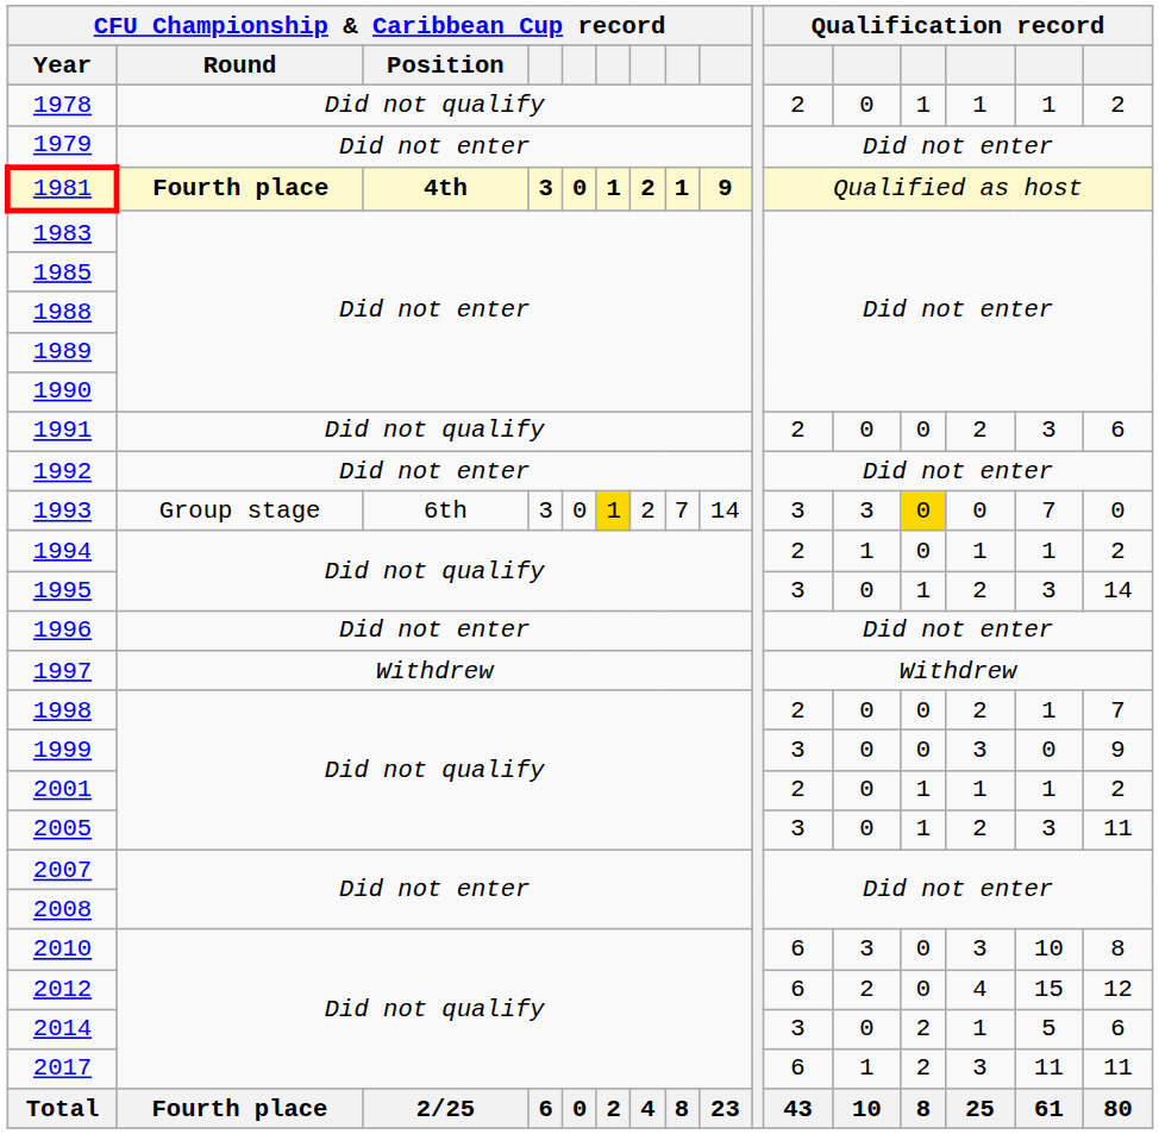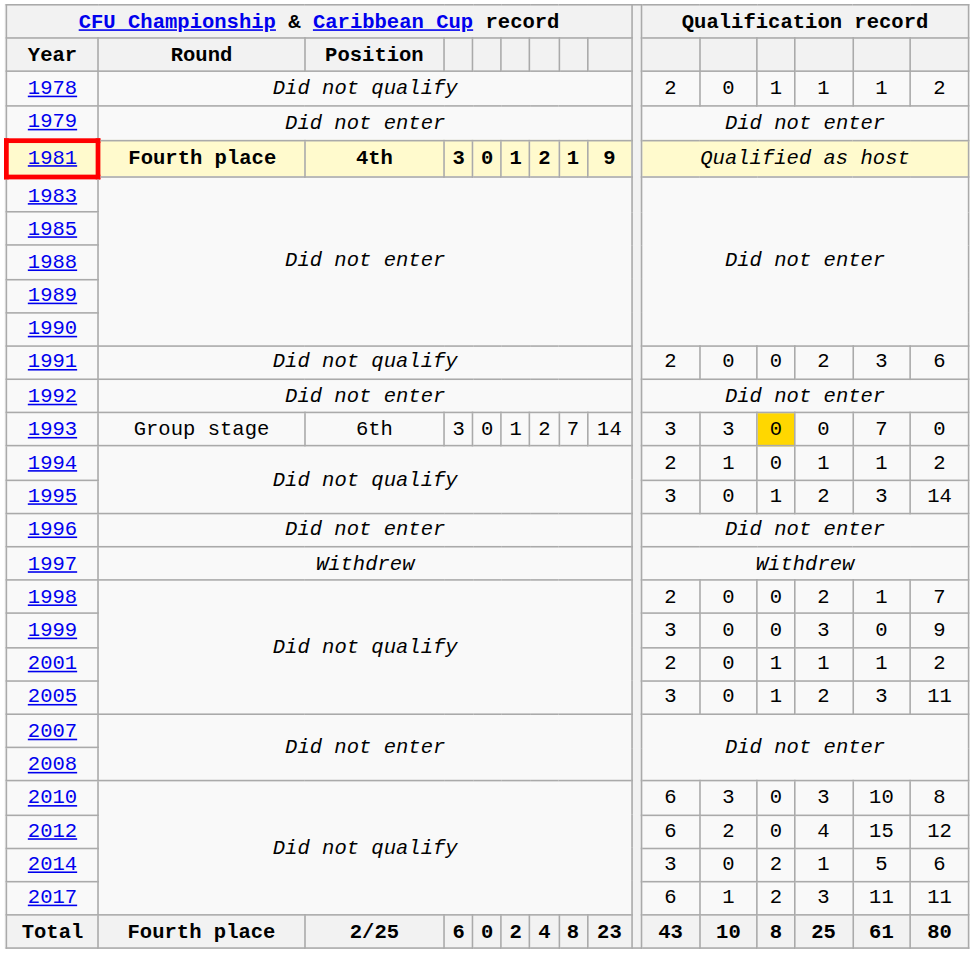 <table class="wikitable" style="text-align: center;">
 <tr>
 <th colspan=9><a href='#'>CFU Championship</a> & <a href='#'>Caribbean Cup</a> record</th>
 <th width=1% rowspan=28></th>
 <th colspan=6>Qualification record</th>
 </tr>
 <tr>
 <th>Year</th>
 <th>Round</th>
 <th>Position</th>
 <th></th>
 <th></th>
 <th></th>
 <th></th>
 <th></th>
 <th></th>
 <th></th>
 <th></th>
 <th></th>
 <th></th>
 <th></th>
 <th></th>
 </tr>
 <tr>
 <td> <a href='#'>1978</a></td>
 <td colspan=8><em>Did not qualify</em></td>
 <td>2</td>
 <td>0</td>
 <td>1</td>
 <td>1</td>
 <td>1</td>
 <td>2</td>
 </tr>
 <tr>
 <td> <a href='#'>1979</a></td>
 <td colspan=8><em>Did not enter</em></td>
 <td colspan=6><em>Did not enter</em></td>
 </tr>
 <tr bgcolor=LemonChiffon>
 <td style="border: 3px solid red"> <a href='#'>1981</a></td>
 <td><strong>Fourth place</strong></td>
 <td><strong>4th</strong></td>
 <td><strong>3</strong></td>
 <td><strong>0</strong></td>
 <td><strong>1</strong></td>
 <td><strong>2</strong></td>
 <td><strong>1</strong></td>
 <td><strong>9</strong></td>
 <td colspan=6><em>Qualified as host</em></td>
 </tr>
 <tr>
 <td> <a href='#'>1983</a></td>
 <td colspan=8 rowspan=5><em>Did not enter</em></td>
 <td colspan=6 rowspan=5><em>Did not enter</em></td>
 </tr>
 <tr>
 <td> <a href='#'>1985</a></td>
 </tr>
 <tr>
 <td> <a href='#'>1988</a></td>
 </tr>
 <tr>
 <td> <a href='#'>1989</a></td>
 </tr>
 <tr>
 <td> <a href='#'>1990</a></td>
 </tr>
 <tr>
 <td> <a href='#'>1991</a></td>
 <td colspan=8><em>Did not qualify</em></td>
 <td>2</td>
 <td>0</td>
 <td>0</td>
 <td>2</td>
 <td>3</td>
 <td>6</td>
 </tr>
 <tr>
 <td> <a href='#'>1992</a></td>
 <td colspan=8><em>Did not enter</em></td>
 <td colspan=6><em>Did not enter</em></td>
 </tr>
 <tr>
 <td> <a href='#'>1993</a></td>
 <td>Group stage</td>
 <td>6th</td>
 <td>3</td>
 <td>0</td>
-<td style="background: gold;">1</td>
+<td>1</td>
 <td>2</td>
 <td>7</td>
 <td>14</td>
 <td>3</td>
 <td>3</td>
 <td style="background: gold;">0</td>
 <td>0</td>
 <td>7</td>
 <td>0</td>
 </tr>
 <tr>
 <td> <a href='#'>1994</a></td>
 <td colspan=8 rowspan=2><em>Did not qualify</em></td>
 <td>2</td>
 <td>1</td>
 <td>0</td>
 <td>1</td>
 <td>1</td>
 <td>2</td>
 </tr>
 <tr>
 <td>  <a href='#'>1995</a></td>
 <td>3</td>
 <td>0</td>
 <td>1</td>
 <td>2</td>
 <td>3</td>
 <td>14</td>
 </tr>
 <tr>
 <td> <a href='#'>1996</a></td>
 <td colspan=8><em>Did not enter</em></td>
 <td colspan=6><em>Did not enter</em></td>
 </tr>
 <tr>
 <td>  <a href='#'>1997</a></td>
 <td colspan=8><em>Withdrew</em></td>
 <td colspan=6><em>Withdrew</em></td>
 </tr>
 <tr>
 <td>  <a href='#'>1998</a></td>
 <td colspan=8 rowspan=4><em>Did not qualify</em></td>
 <td>2</td>
 <td>0</td>
 <td>0</td>
 <td>2</td>
 <td>1</td>
 <td>7</td>
 </tr>
 <tr>
 <td> <a href='#'>1999</a></td>
 <td>3</td>
 <td>0</td>
 <td>0</td>
 <td>3</td>
 <td>0</td>
 <td>9</td>
 </tr>
 <tr>
 <td> <a href='#'>2001</a></td>
 <td>2</td>
 <td>0</td>
 <td>1</td>
 <td>1</td>
 <td>1</td>
 <td>2</td>
 </tr>
 <tr>
 <td> <a href='#'>2005</a></td>
 <td>3</td>
 <td>0</td>
 <td>1</td>
 <td>2</td>
 <td>3</td>
 <td>11</td>
 </tr>
 <tr>
 <td> <a href='#'>2007</a></td>
 <td colspan=8 rowspan=2><em>Did not enter</em></td>
 <td colspan=6 rowspan=2><em>Did not enter</em></td>
 </tr>
 <tr>
 <td> <a href='#'>2008</a></td>
 </tr>
 <tr>
 <td> <a href='#'>2010</a></td>
 <td colspan=8 rowspan=4><em>Did not qualify</em></td>
 <td>6</td>
 <td>3</td>
 <td>0</td>
 <td>3</td>
 <td>10</td>
 <td>8</td>
 </tr>
 <tr>
 <td> <a href='#'>2012</a></td>
 <td>6</td>
 <td>2</td>
 <td>0</td>
 <td>4</td>
 <td>15</td>
 <td>12</td>
 </tr>
 <tr>
 <td> <a href='#'>2014</a></td>
 <td>3</td>
 <td>0</td>
 <td>2</td>
 <td>1</td>
 <td>5</td>
 <td>6</td>
 </tr>
 <tr>
 <td> <a href='#'>2017</a></td>
 <td>6</td>
 <td>1</td>
 <td>2</td>
 <td>3</td>
 <td>11</td>
 <td>11</td>
 </tr>
 <tr>
 <th>Total</th>
 <th>Fourth place</th>
 <th>2/25</th>
 <th>6</th>
 <th>0</th>
 <th>2</th>
 <th>4</th>
 <th>8</th>
 <th>23</th>
 <th>43</th>
 <th>10</th>
 <th>8</th>
 <th>25</th>
 <th>61</th>
 <th>80</th>
 </tr>
 </table>
